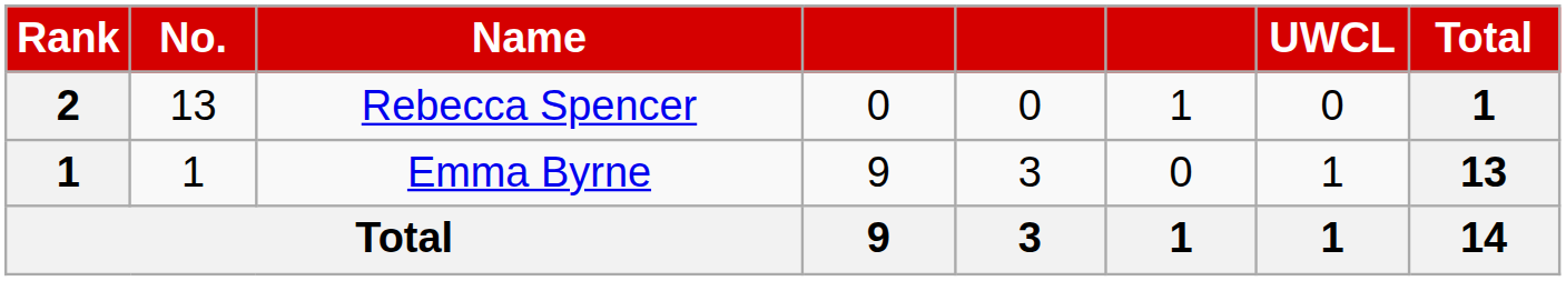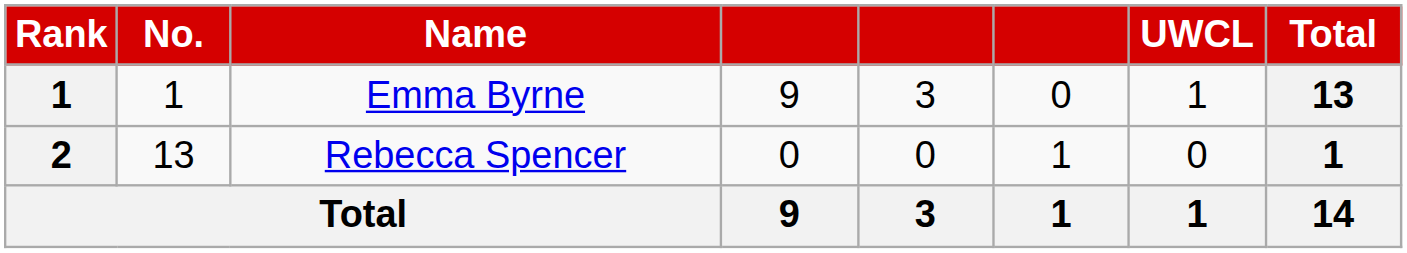 <table class="wikitable" style="text-align:center; font-size:100%; ">
 <tr>
 <th style="background:#d50000; color:white; text-align:center; width:40px">Rank</th>
 <th style="background:#d50000; color:white; text-align:center; width:40px">No.</th>
 <th style="background:#d50000; color:white; text-align:center; width:200px">Name</th>
 <th style="background:#d50000; color:white; text-align:center; width:50px;"><a href='#'></a></th>
 <th style="background:#d50000; color:white; text-align:center; width:50px;"><a href='#'></a></th>
 <th style="background:#d50000; color:white; text-align:center; width:50px;"></th>
 <th style="background:#d50000; color:white; text-align:center; width:50px;">UWCL</th>
 <th style="background:#d50000; color:white; text-align:center; width:50px;">Total</th>
 </tr>
 <tr>
+<th>1</th>
+<td>1</td>
+<td> <a href='#'>Emma Byrne</a></td>
+<td>9</td>
+<td>3</td>
+<td>0</td>
+<td>1</td>
+<th>13</th>
+</tr>
+<tr>
 <th>2</th>
 <td>13</td>
 <td><em></em> <a href='#'>Rebecca Spencer</a></td>
 <td>0</td>
 <td>0</td>
 <td>1</td>
 <td>0</td>
 <th>1</th>
 </tr>
 <tr>
-<th>1</th>
-<td>1</td>
-<td> <a href='#'>Emma Byrne</a></td>
-<td>9</td>
-<td>3</td>
-<td>0</td>
-<td>1</td>
-<th>13</th>
-</tr>
-<tr>
 <th colspan="3">Total</th>
 <th>9</th>
 <th>3</th>
 <th>1</th>
 <th>1</th>
 <th>14</th>
 </tr>
 </table>
